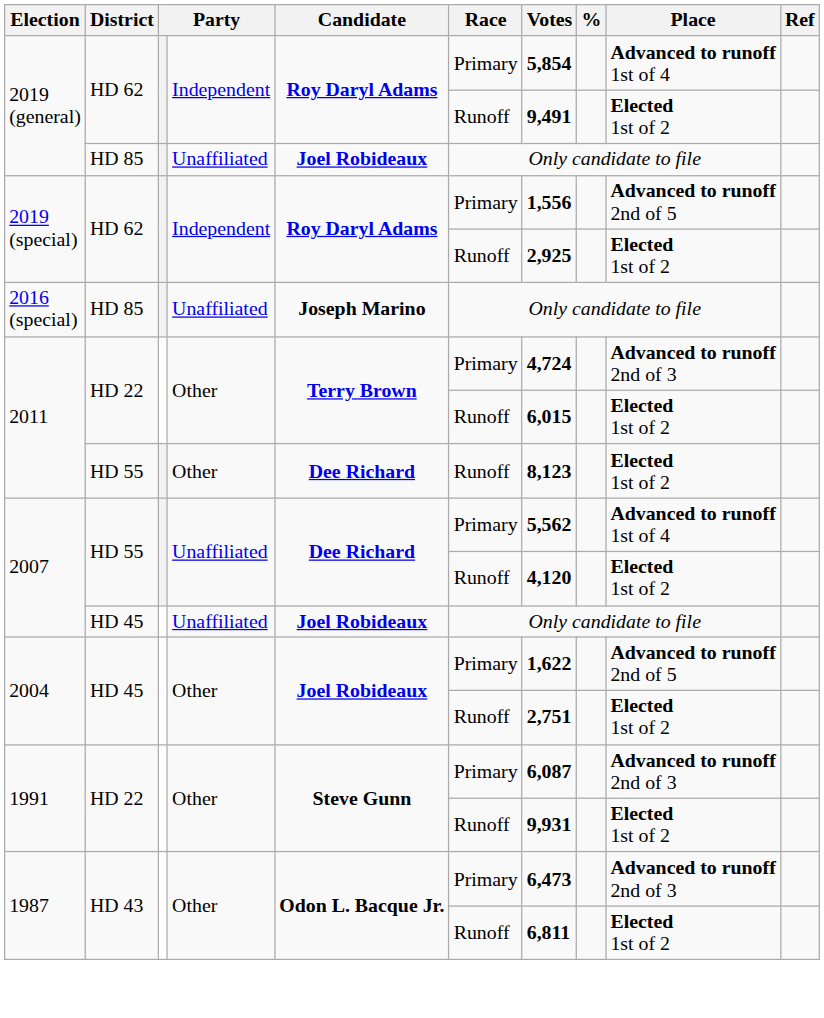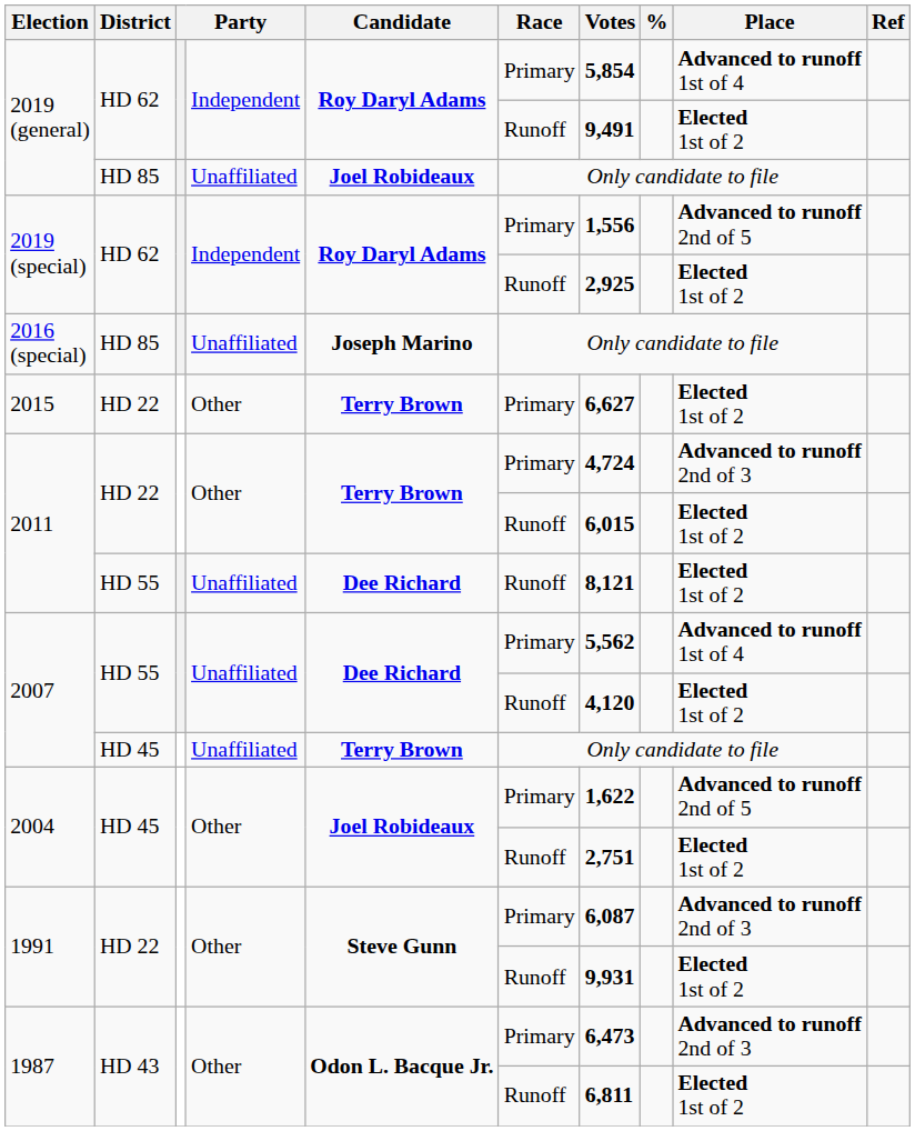 <table class="wikitable sortable">
 <tr>
 <th>Election</th>
 <th>District</th>
 <th colspan=2>Party</th>
 <th>Candidate</th>
 <th>Race</th>
 <th>Votes</th>
 <th>%</th>
 <th>Place</th>
 <th>Ref</th>
 </tr>
 <tr>
 <td rowspan=3>2019<br>(general)</td>
 <td rowspan=2>HD 62</td>
 <th rowspan=2 style="background-color:"></th>
 <td rowspan=2><a href='#'>Independent</a></td>
 <td rowspan=2 align="center"><strong><a href='#'>Roy Daryl Adams</a></strong></td>
 <td>Primary</td>
 <td><strong>5,854</strong></td>
 <td></td>
 <td><strong>Advanced to runoff</strong><br>1st of 4</td>
 <td></td>
 </tr>
 <tr>
 <td>Runoff</td>
 <td><strong>9,491</strong></td>
 <td></td>
 <td><strong>Elected</strong><br>1st of 2</td>
 <td></td>
 </tr>
 <tr>
 <td>HD 85</td>
 <th style="background-color:"></th>
 <td><a href='#'>Unaffiliated</a></td>
 <td align="center"><strong><a href='#'>Joel Robideaux</a></strong></td>
 <td style="text-align:center" colspan=4><em>Only candidate to file</em></td>
 <td></td>
 </tr>
 <tr>
 <td rowspan=2><a href='#'>2019</a><br>(special)</td>
 <td rowspan=2>HD 62</td>
 <th rowspan=2 style="background-color:"></th>
 <td rowspan=2><a href='#'>Independent</a></td>
 <td rowspan=2 align="center"><strong><a href='#'>Roy Daryl Adams</a></strong></td>
 <td>Primary</td>
 <td><strong>1,556</strong></td>
 <td></td>
 <td><strong>Advanced to runoff</strong><br>2nd of 5</td>
 <td></td>
 </tr>
 <tr>
 <td>Runoff</td>
 <td><strong>2,925</strong></td>
 <td></td>
 <td><strong>Elected</strong><br>1st of 2</td>
 <td></td>
 </tr>
 <tr>
 <td><a href='#'>2016</a><br>(special)</td>
 <td>HD 85</td>
 <th style="background-color:"></th>
 <td><a href='#'>Unaffiliated</a></td>
 <td align="center"><strong>Joseph Marino</strong></td>
 <td style="text-align:center" colspan=4><em>Only candidate to file</em></td>
 <td></td>
 </tr>
 <tr>
+<td>2015</td>
+<td>HD 22</td>
+<th style="background-color:#ffffff"></th>
+<td>Other</td>
+<td align="center"><strong><a href='#'>Terry Brown</a></strong></td>
+<td>Primary</td>
+<td><strong>6,627</strong></td>
+<td></td>
+<td><strong>Elected</strong><br>1st of 2</td>
+<td></td>
+</tr>
+<tr>
 <td rowspan=3>2011</td>
 <td rowspan=2>HD 22</td>
 <th rowspan=2 style="background-color:#ffffff"></th>
 <td rowspan=2>Other</td>
 <td rowspan=2 align="center"><strong><a href='#'>Terry Brown</a></strong></td>
 <td>Primary</td>
 <td><strong>4,724</strong></td>
 <td></td>
 <td><strong>Advanced to runoff</strong><br>2nd of 3</td>
 <td></td>
 </tr>
 <tr>
 <td>Runoff</td>
 <td><strong>6,015</strong></td>
 <td></td>
 <td><strong>Elected</strong><br>1st of 2</td>
 <td></td>
 </tr>
 <tr>
 <td>HD 55</td>
 <th style="background-color:"></th>
-<td>Other</td>
+<td><a href='#'>Unaffiliated</a></td>
 <td align="center"><strong><a href='#'>Dee Richard</a></strong></td>
 <td>Runoff</td>
-<td><strong>8,123</strong></td>
+<td><strong>8,121</strong></td>
 <td></td>
 <td><strong>Elected</strong><br>1st of 2</td>
 <td></td>
 </tr>
 <tr>
 <td rowspan=3>2007</td>
 <td rowspan=2>HD 55</td>
 <th rowspan=2 style="background-color:"></th>
 <td rowspan=2><a href='#'>Unaffiliated</a></td>
 <td rowspan=2 align="center"><strong><a href='#'>Dee Richard</a></strong></td>
 <td>Primary</td>
 <td><strong>5,562</strong></td>
 <td></td>
 <td><strong>Advanced to runoff</strong><br>1st of 4</td>
 <td></td>
 </tr>
 <tr>
 <td>Runoff</td>
 <td><strong>4,120</strong></td>
 <td></td>
 <td><strong>Elected</strong><br>1st of 2</td>
 <td></td>
 </tr>
 <tr>
 <td>HD 45</td>
 <th style="background-color:#ffffff"></th>
 <td><a href='#'>Unaffiliated</a></td>
-<td align="center"><strong><a href='#'>Joel Robideaux</a></strong></td>
+<td align="center"><strong><a href='#'>Terry Brown</a></strong></td>
 <td style="text-align:center" colspan=4><em>Only candidate to file</em></td>
 <td></td>
 </tr>
 <tr>
 <td rowspan=2>2004</td>
 <td rowspan=2>HD 45</td>
 <th rowspan=2 style="background-color:#ffffff"></th>
 <td rowspan=2>Other</td>
 <td rowspan=2 align="center"><strong><a href='#'>Joel Robideaux</a></strong></td>
 <td>Primary</td>
 <td><strong>1,622</strong></td>
 <td></td>
 <td><strong>Advanced to runoff</strong><br>2nd of 5</td>
 <td></td>
 </tr>
 <tr>
 <td>Runoff</td>
 <td><strong>2,751</strong></td>
 <td></td>
 <td><strong>Elected</strong><br>1st of 2</td>
 <td></td>
 </tr>
 <tr>
 <td rowspan=2>1991</td>
 <td rowspan=2>HD 22</td>
 <th rowspan=2 style="background-color:#ffffff"></th>
 <td rowspan=2>Other</td>
 <td rowspan=2 align="center"><strong>Steve Gunn</strong></td>
 <td>Primary</td>
 <td><strong>6,087</strong></td>
 <td></td>
 <td><strong>Advanced to runoff</strong><br>2nd of 3</td>
 <td></td>
 </tr>
 <tr>
 <td>Runoff</td>
 <td><strong>9,931</strong></td>
 <td></td>
 <td><strong>Elected</strong><br>1st of 2</td>
 <td></td>
 </tr>
 <tr>
 <td rowspan=2>1987</td>
 <td rowspan=2>HD 43</td>
 <th rowspan=2 style="background-color:#ffffff"></th>
 <td rowspan=2>Other</td>
 <td rowspan=2 align="center"><strong>Odon L. Bacque Jr.</strong></td>
 <td>Primary</td>
 <td><strong>6,473</strong></td>
 <td></td>
 <td><strong>Advanced to runoff</strong><br>2nd of 3</td>
 <td></td>
 </tr>
 <tr>
 <td>Runoff</td>
 <td><strong>6,811</strong></td>
 <td></td>
 <td><strong>Elected</strong><br>1st of 2</td>
 <td></td>
 </tr>
 </table>
